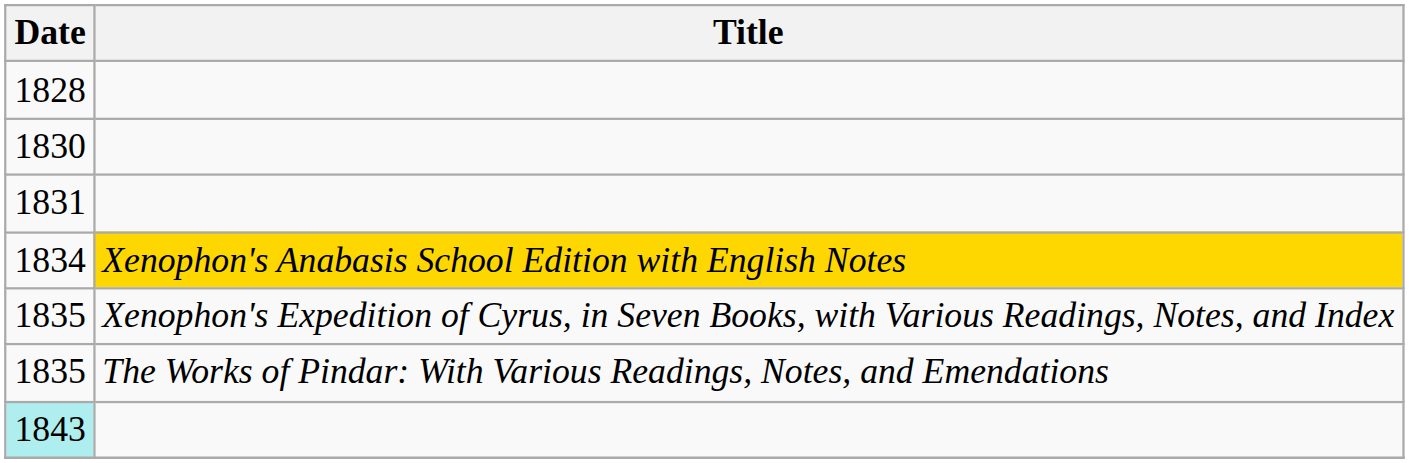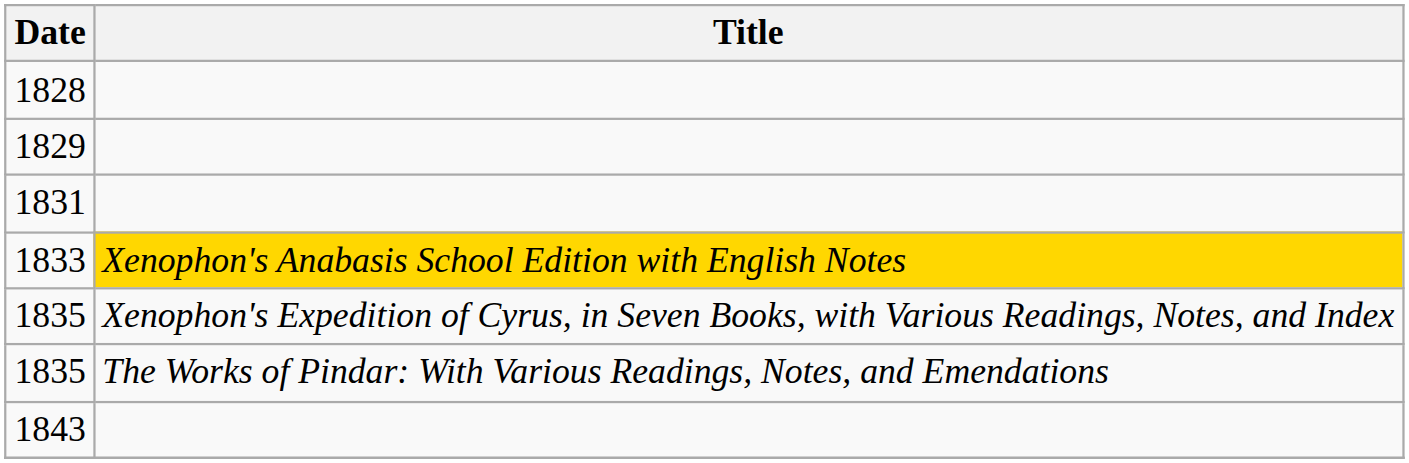 <table class="wikitable" style="margin:1em auto;">
 <tr>
 <th>Date</th>
 <th>Title</th>
 </tr>
 <tr>
 <td>1828</td>
 <td></td>
 </tr>
 <tr>
-<td>1830</td>
+<td>1829</td>
 <td></td>
 </tr>
 <tr>
 <td>1831</td>
 <td></td>
 </tr>
 <tr>
-<td>1834</td>
+<td>1833</td>
 <td style="background: gold;"><em>Xenophon's Anabasis School Edition with English Notes</em></td>
 </tr>
 <tr>
 <td>1835</td>
 <td><em>Xenophon's Expedition of Cyrus, in Seven Books, with Various Readings, Notes, and Index </em></td>
 </tr>
 <tr>
 <td>1835</td>
 <td><em>The Works of Pindar: With Various Readings, Notes, and Emendations</em></td>
 </tr>
 <tr>
-<td style="background: paleturquoise;">1843</td>
+<td>1843</td>
 <td></td>
 </tr>
 <tr>
 </tr>
 </table>
